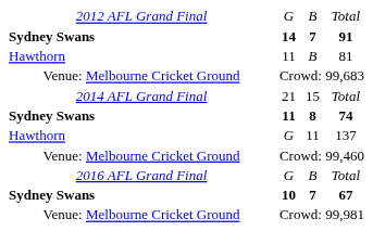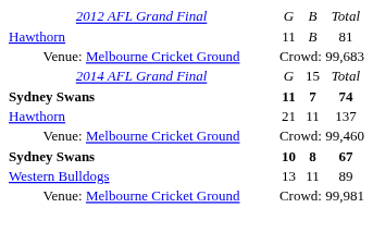 <table style="margin-right:4px; margin-top:8px; float:right; border:1px No. 000 solid; border-radius:8px; background:#fff; font-family:Verdana; font-size:8pt; text-align:center;">
 <tr>
 <td width=200><em><a href='#'>2012 AFL Grand Final</a></em></td>
 <td><em>G</em></td>
 <td><em>B</em></td>
 <td><em>Total</em></td>
-</tr>
-<tr>
-<td style="text-align:left"><strong>Sydney Swans</strong></td>
-<td><strong>14</strong></td>
-<td><strong>7</strong></td>
-<td><strong>91</strong></td>
 </tr>
 <tr>
 <td style="text-align:left"><a href='#'>Hawthorn</a></td>
 <td>11</td>
 <td><em>B</em></td>
 <td>81</td>
 </tr>
 <tr>
 <td>Venue: <a href='#'>Melbourne Cricket Ground</a></td>
 <td colspan=3>Crowd: 99,683</td>
 </tr>
 <tr>
 <td width=200><em><a href='#'>2014 AFL Grand Final</a></em></td>
-<td>21</td>
+<td><em>G</em></td>
 <td>15</td>
 <td><em>Total</em></td>
 </tr>
 <tr>
 <td style="text-align:left"><strong>Sydney Swans</strong></td>
 <td><strong>11</strong></td>
-<td><strong>8</strong></td>
+<td><strong>7</strong></td>
 <td><strong>74</strong></td>
 </tr>
 <tr>
 <td style="text-align:left"><a href='#'>Hawthorn</a></td>
-<td><em>G</em></td>
+<td>21</td>
 <td>11</td>
 <td>137</td>
 </tr>
 <tr>
 <td>Venue: <a href='#'>Melbourne Cricket Ground</a></td>
 <td colspan=3>Crowd: 99,460</td>
 </tr>
 <tr>
-<td width=200><em><a href='#'>2016 AFL Grand Final</a></em></td>
-<td><em>G</em></td>
-<td><em>B</em></td>
-<td><em>Total</em></td>
+<td style="text-align:left"><strong>Sydney Swans</strong></td>
+<td><strong>10</strong></td>
+<td><strong>8</strong></td>
+<td><strong>67</strong></td>
 </tr>
 <tr>
-<td style="text-align:left"><strong>Sydney Swans</strong></td>
-<td><strong>10</strong></td>
-<td><strong>7</strong></td>
-<td><strong>67</strong></td>
+<td style="text-align:left"><a href='#'>Western Bulldogs</a></td>
+<td>13</td>
+<td>11</td>
+<td>89</td>
 </tr>
 <tr>
 <td>Venue: <a href='#'>Melbourne Cricket Ground</a></td>
 <td colspan=3>Crowd: 99,981</td>
 </tr>
 </table>
